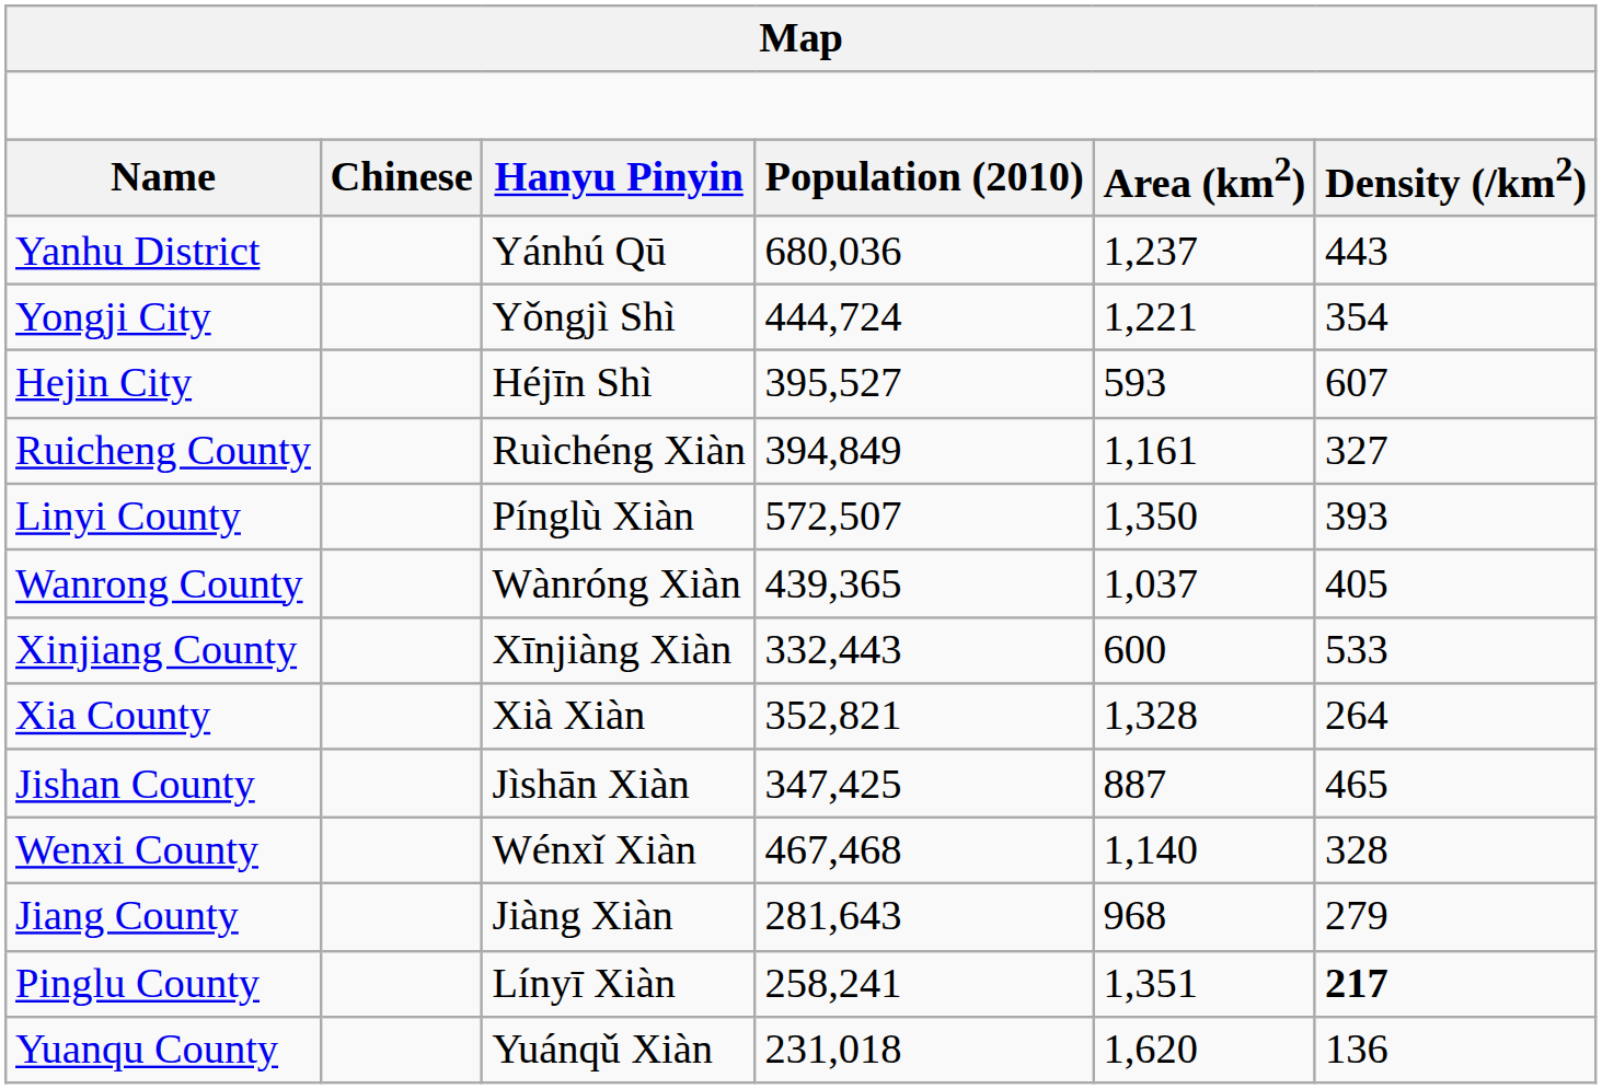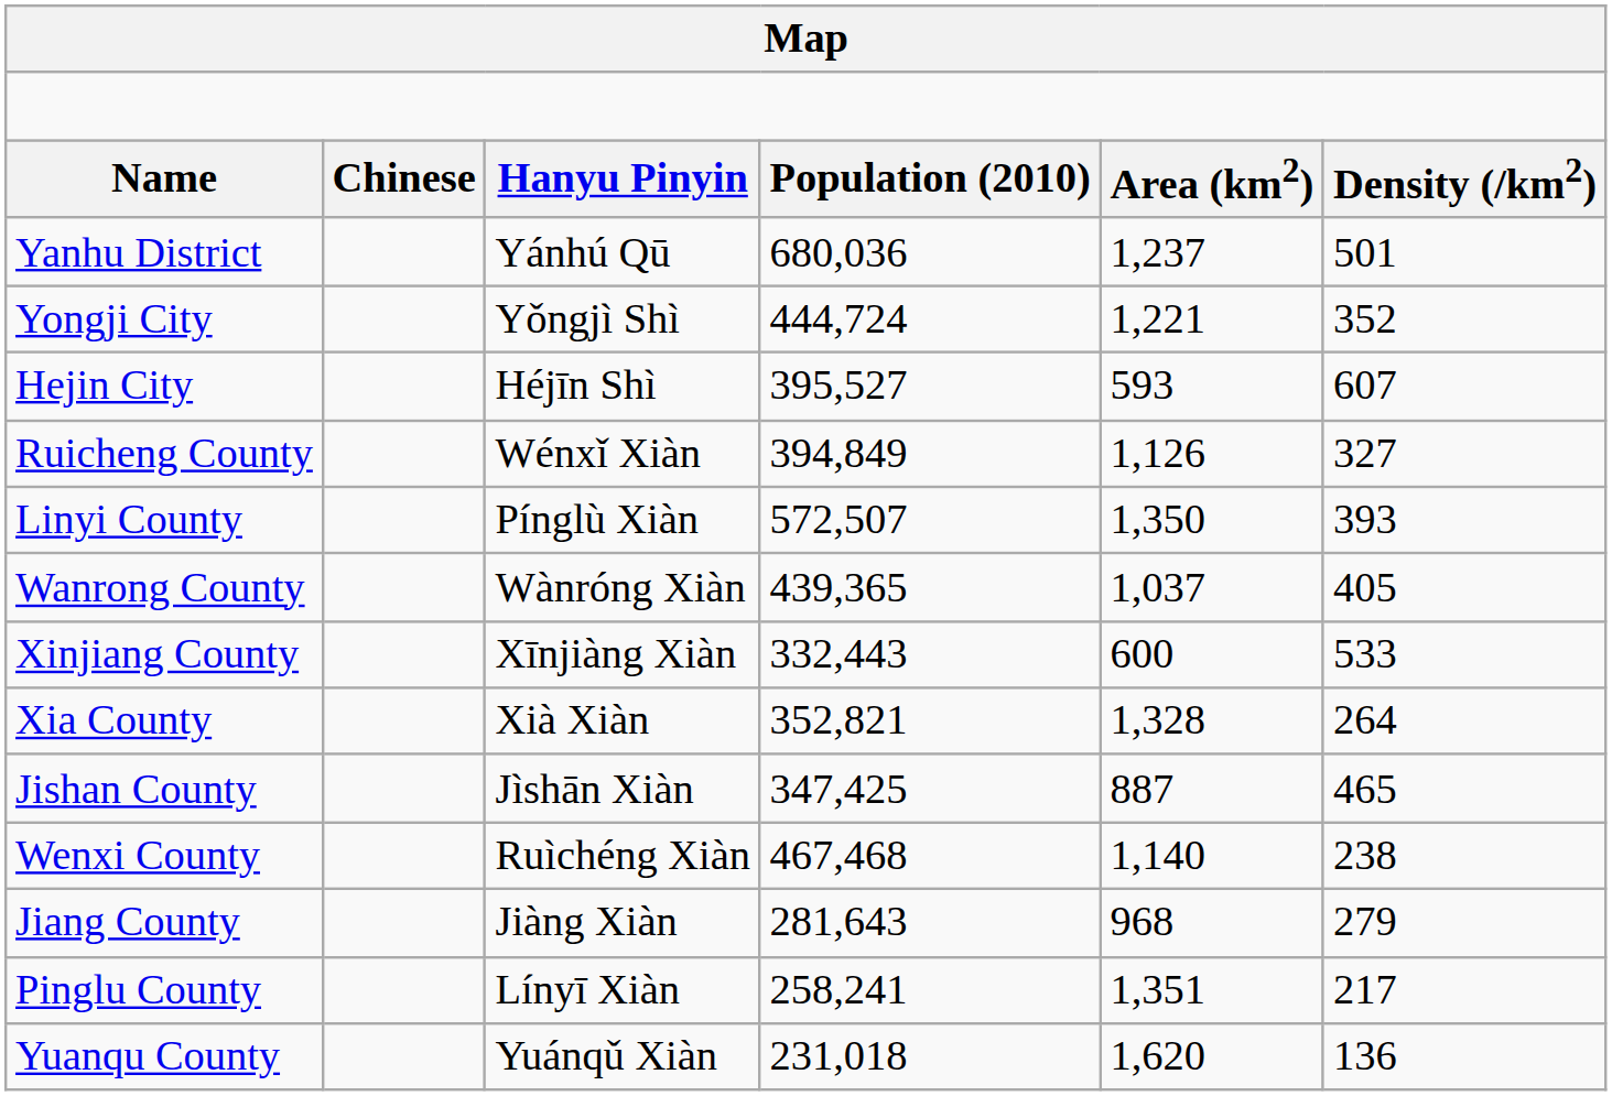 <table class="wikitable">
 <tr>
 <th colspan="7" align="center">Map</th>
 </tr>
 <tr>
 <td colspan="7" align="center"><div><br>                </div></td>
 </tr>
 <tr>
 <th>Name</th>
 <th>Chinese</th>
 <th><a href='#'>Hanyu Pinyin</a></th>
 <th>Population (2010)</th>
 <th>Area (km<sup>2</sup>)</th>
 <th>Density (/km<sup>2</sup>)</th>
 </tr>
 <tr --------->
 <td><a href='#'>Yanhu District</a></td>
 <td></td>
 <td>Yánhú Qū</td>
 <td>680,036</td>
 <td>1,237</td>
-<td>443</td>
+<td>501</td>
 </tr>
 <tr --------->
 <td><a href='#'>Yongji City</a></td>
 <td></td>
 <td>Yǒngjì Shì</td>
 <td>444,724</td>
 <td>1,221</td>
-<td>354</td>
+<td>352</td>
 </tr>
 <tr --------->
 <td><a href='#'>Hejin City</a></td>
 <td></td>
 <td>Héjīn Shì</td>
 <td>395,527</td>
 <td>593</td>
 <td>607</td>
 </tr>
 <tr --------->
 <td><a href='#'>Ruicheng County</a></td>
 <td></td>
-<td>Ruìchéng Xiàn</td>
+<td>Wénxǐ Xiàn</td>
 <td>394,849</td>
-<td>1,161</td>
+<td>1,126</td>
 <td>327</td>
 </tr>
 <tr --------->
 <td><a href='#'>Linyi County</a></td>
 <td></td>
 <td>Pínglù Xiàn</td>
 <td>572,507</td>
 <td>1,350</td>
 <td>393</td>
 </tr>
 <tr --------->
 <td><a href='#'>Wanrong County</a></td>
 <td></td>
 <td>Wànróng Xiàn</td>
 <td>439,365</td>
 <td>1,037</td>
 <td>405</td>
 </tr>
 <tr --------->
 <td><a href='#'>Xinjiang County</a></td>
 <td></td>
 <td>Xīnjiàng Xiàn</td>
 <td>332,443</td>
 <td>600</td>
 <td>533</td>
 </tr>
 <tr --------->
 <td><a href='#'>Xia County</a></td>
 <td></td>
 <td>Xià Xiàn</td>
 <td>352,821</td>
 <td>1,328</td>
 <td>264</td>
 </tr>
 <tr --------->
 <td><a href='#'>Jishan County</a></td>
 <td></td>
 <td>Jìshān Xiàn</td>
 <td>347,425</td>
 <td>887</td>
 <td>465</td>
 </tr>
 <tr --------->
 <td><a href='#'>Wenxi County</a></td>
 <td></td>
-<td>Wénxǐ Xiàn</td>
+<td>Ruìchéng Xiàn</td>
 <td>467,468</td>
 <td>1,140</td>
-<td>328</td>
+<td>238</td>
 </tr>
 <tr --------->
 <td><a href='#'>Jiang County</a></td>
 <td></td>
 <td>Jiàng Xiàn</td>
 <td>281,643</td>
 <td>968</td>
 <td>279</td>
 </tr>
 <tr --------->
 <td><a href='#'>Pinglu County</a></td>
 <td></td>
 <td>Línyī Xiàn</td>
 <td>258,241</td>
 <td>1,351</td>
-<td><strong>217</strong></td>
+<td>217</td>
 </tr>
 <tr --------->
 <td><a href='#'>Yuanqu County</a></td>
 <td></td>
 <td>Yuánqǔ Xiàn</td>
 <td>231,018</td>
 <td>1,620</td>
 <td>136</td>
 </tr>
 </table>
